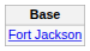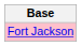 <table class="wikitable">
 <tr>
 <th>Base</th>
 </tr>
 <tr>
-<td><a href='#'>Fort Jackson</a></td>
+<td style="background: pink;"><a href='#'>Fort Jackson</a></td>
 </tr>
 </table>
